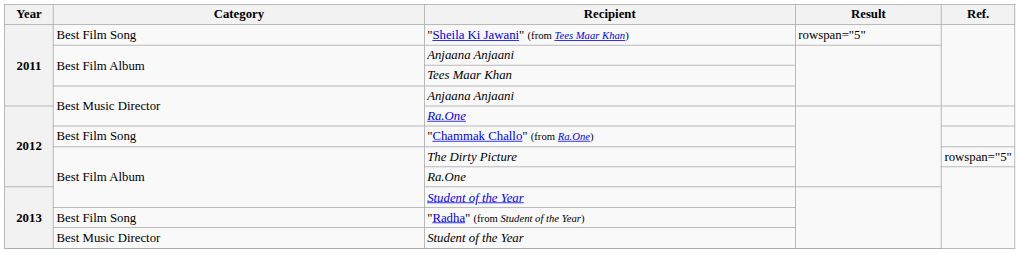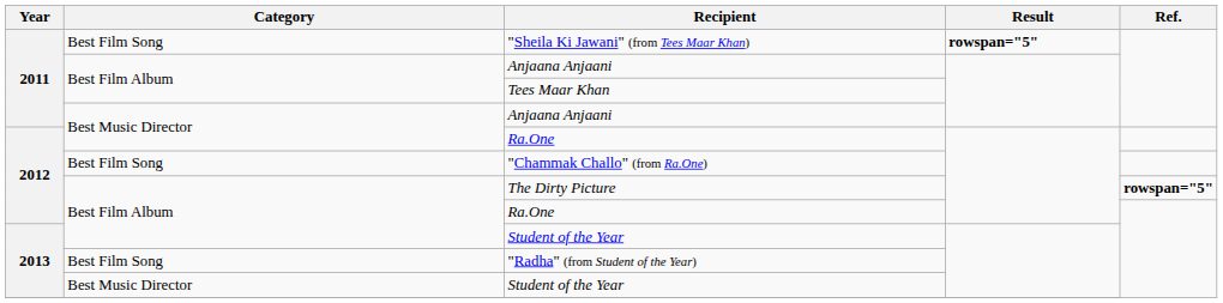 <table class="wikitable plainrowheaders" width="100%" "textcolor:#000;">
 <tr>
 <th scope="col" width=5%><strong>Year</strong></th>
 <th scope="col" width=39%><strong>Category</strong></th>
 <th scope="col" width=39%><strong>Recipient</strong></th>
 <th scope="col" width=15%><strong>Result</strong></th>
 <th scope="col" width=2%><strong>Ref.</strong></th>
 </tr>
 <tr>
 <th scope="row" rowspan="4">2011</th>
 <td>Best Film Song</td>
 <td>"<a href='#'>Sheila Ki Jawani</a>" <small>(from <em><a href='#'>Tees Maar Khan</a></em>)</small></td>
-<td>rowspan="5" </td>
+<td><strong>rowspan="5" </strong></td>
 <td rowspan="4"></td>
 </tr>
 <tr>
 <td rowspan="2">Best Film Album</td>
 <td><em>Anjaana Anjaani</em></td>
 </tr>
 <tr>
 <td><em>Tees Maar Khan</em></td>
 </tr>
 <tr>
 <td rowspan="2">Best Music Director</td>
 <td><em>Anjaana Anjaani</em></td>
 </tr>
 <tr>
 <th scope="row" rowspan="4">2012</th>
 <td><em><a href='#'>Ra.One</a></em></td>
 <td rowspan="4"></td>
 </tr>
 <tr>
 <td>Best Film Song</td>
 <td>"<a href='#'>Chammak Challo</a>" <small>(from <em><a href='#'>Ra.One</a></em>)</small></td>
 <td></td>
 </tr>
 <tr>
 <td rowspan="3">Best Film Album</td>
 <td><em>The Dirty Picture</em></td>
-<td>rowspan="5" </td>
+<td><strong>rowspan="5" </strong></td>
 </tr>
 <tr>
 <td><em>Ra.One</em></td>
 </tr>
 <tr>
 <th scope="row" rowspan="3">2013</th>
 <td><em><a href='#'>Student of the Year</a></em></td>
 <td rowspan="3"></td>
 </tr>
 <tr>
 <td>Best Film Song</td>
 <td>"<a href='#'>Radha</a>" <small>(from <em>Student of the Year</em>)</small></td>
 </tr>
 <tr>
 <td>Best Music Director</td>
 <td><em>Student of the Year</em></td>
 </tr>
 <tr>
 </tr>
 </table>
